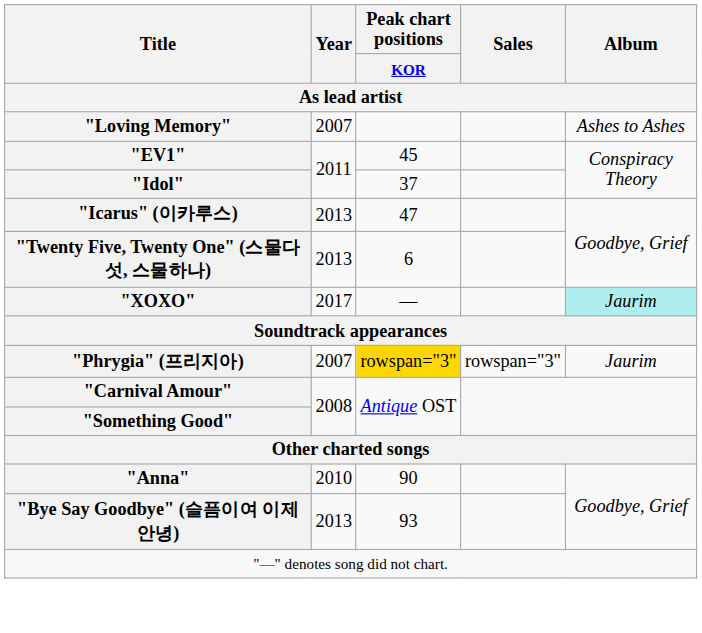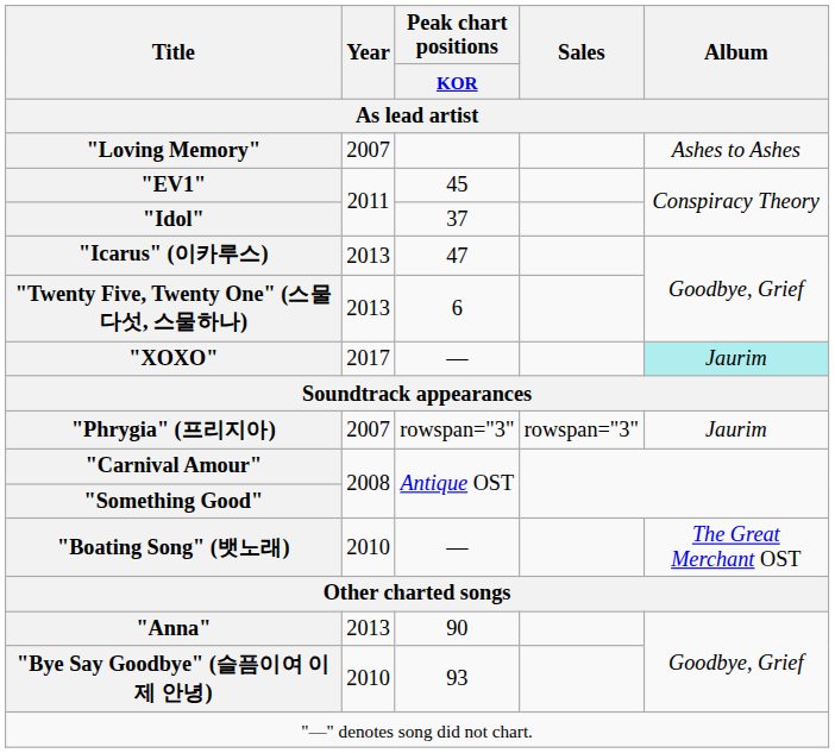 <table class="wikitable plainrowheaders" style="text-align:center;">
 <tr>
 <th scope="col" rowspan="2">Title</th>
 <th scope="col" rowspan="2">Year</th>
 <th scope="col" colspan="1" style="width:5em;">Peak chart positions</th>
 <th scope="col" rowspan="2">Sales</th>
 <th scope="col" rowspan="2">Album</th>
 </tr>
 <tr>
 <th><small><a href='#'>KOR</a></small><br></th>
 </tr>
 <tr>
 <th scope="col" colspan="5">As lead artist</th>
 </tr>
 <tr>
 <th scope="row">"Loving Memory"</th>
 <td>2007</td>
 <td></td>
 <td></td>
 <td><em>Ashes to Ashes</em></td>
 </tr>
 <tr>
 <th scope="row">"EV1"</th>
 <td rowspan="2">2011</td>
 <td>45</td>
 <td></td>
 <td rowspan="2"><em>Conspiracy Theory</em></td>
 </tr>
 <tr>
 <th scope="row">"Idol"</th>
 <td>37</td>
 <td></td>
 </tr>
 <tr>
 <th scope="row">"Icarus" (이카루스)</th>
 <td>2013</td>
 <td>47</td>
 <td></td>
 <td rowspan="2"><em>Goodbye, Grief</em></td>
 </tr>
 <tr>
 <th scope="row">"Twenty Five, Twenty One" (스물다섯, 스물하나)</th>
 <td>2013</td>
 <td>6</td>
 </tr>
 <tr>
 <th scope="row">"XOXO"</th>
 <td>2017</td>
 <td>—</td>
 <td></td>
 <td style="background: paleturquoise;"><em>Jaurim</em></td>
 </tr>
 <tr>
 <th scope="col" colspan="5">Soundtrack appearances</th>
 </tr>
 <tr>
 <th scope="row">"Phrygia" (프리지아)</th>
 <td>2007</td>
-<td style="background: gold;">rowspan="3" </td>
+<td>rowspan="3" </td>
 <td>rowspan="3" </td>
 <td><em>Jaurim</em></td>
 </tr>
 <tr>
 <th scope="row">"Carnival Amour"</th>
 <td rowspan="2">2008</td>
 <td rowspan="2"><em><a href='#'>Antique</a></em> OST</td>
 </tr>
 <tr>
 <th scope="row">"Something Good"</th>
 </tr>
 <tr>
+<th scope="row">"Boating Song" (뱃노래)</th>
+<td>2010</td>
+<td>—</td>
+<td></td>
+<td><em><a href='#'>The Great Merchant</a></em> OST</td>
+</tr>
+<tr>
 <th scope="col" colspan="5">Other charted songs</th>
 </tr>
 <tr>
 <th scope="row">"Anna"</th>
-<td>2010</td>
+<td>2013</td>
 <td>90</td>
 <td></td>
 <td rowspan="2"><em>Goodbye, Grief</em></td>
 </tr>
 <tr>
 <th scope="row">"Bye Say Goodbye" (슬픔이여 이제 안녕)</th>
-<td>2013</td>
+<td>2010</td>
 <td>93</td>
 </tr>
 <tr>
 <td colspan="5" align="center"><small>"—" denotes song did not chart.</small></td>
 </tr>
 </table>
